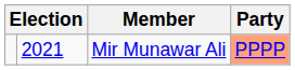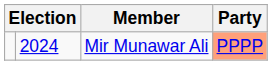 <table class="wikitable">
 <tr>
 <th colspan="2">Election</th>
 <th>Member</th>
 <th>Party</th>
 </tr>
 <tr>
 <td style="background-color: "></td>
-<td><a href='#'>2021</a></td>
+<td><a href='#'>2024</a></td>
 <td><a href='#'>Mir Munawar Ali</a></td>
 <td style="background: lightsalmon;"><a href='#'>PPPP</a></td>
 </tr>
 </table>
